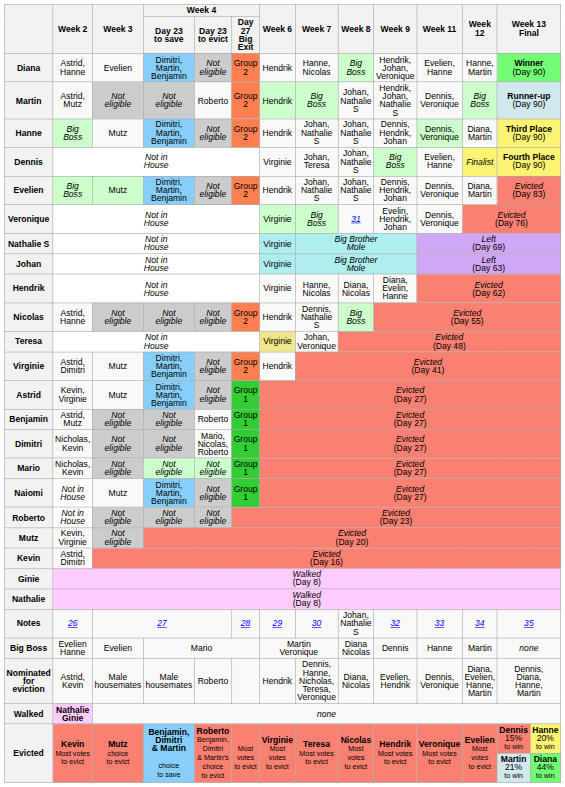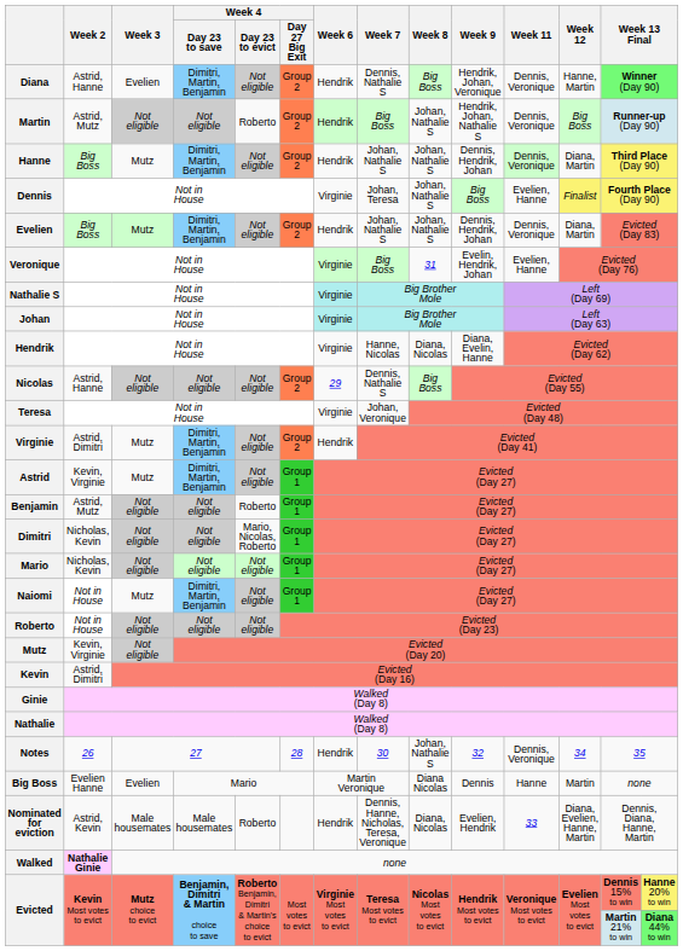 <table class="wikitable" style="text-align:center; width: 100%; font-size:85%; line-height:13px">
 <tr>
 <th style="width:5%" rowspan=2></th>
 <th style="width:5%" rowspan=2>Week 2</th>
 <th style="width:5%" rowspan=2>Week 3</th>
 <th style="width:15%" colspan=3>Week 4</th>
 <th style="width:5%" rowspan=2>Week 6</th>
 <th style="width:5%" rowspan=2>Week 7</th>
 <th style="width:5%" rowspan=2>Week 8</th>
 <th style="width:5%" rowspan=2>Week 9</th>
 <th style="width:5%" rowspan=2>Week 11</th>
 <th style="width:5%" rowspan=2>Week 12</th>
 <th style="width:10%" rowspan=2 colspan=2>Week 13<br>Final</th>
 </tr>
 <tr>
 <th style="width:5%">Day 23<br>to save</th>
 <th style="width:5%">Day 23<br>to evict</th>
 <th style="width:5%">Day 27<br>Big Exit</th>
 </tr>
 <tr>
 <th>Diana</th>
 <td>Astrid,<br>Hanne</td>
 <td>Evelien</td>
 <td style="background:#87CEFA;">Dimitri,<br>Martin,<br>Benjamin</td>
 <td style="background:#CCCCCC"><em>Not<br>eligible</em></td>
 <td style="background:#FF7F50">Group 2</td>
 <td>Hendrik</td>
-<td>Hanne,<br>Nicolas</td>
+<td>Dennis,<br>Nathalie S</td>
 <td style="background:#CCFFCC"><em>Big<br>Boss</em></td>
 <td>Hendrik,<br>Johan,<br>Veronique</td>
-<td>Evelien,<br>Hanne</td>
+<td>Dennis,<br>Veronique</td>
 <td>Hanne,<br>Martin</td>
 <td style="background:#73FB76" colspan="2"><strong>Winner</strong><br>(Day 90)</td>
 </tr>
 <tr>
 <th>Martin</th>
 <td>Astrid,<br>Mutz</td>
 <td style="background:#CCCCCC"><em>Not<br>eligible</em></td>
 <td style="background:#CCCCCC"><em>Not<br>eligible</em></td>
 <td>Roberto</td>
 <td style="background:#FF7F50">Group 2</td>
 <td style="background:#CCFFCC">Hendrik</td>
 <td style="background:#CCFFCC"><em>Big<br>Boss</em></td>
 <td>Johan,<br>Nathalie S</td>
 <td>Hendrik,<br>Johan,<br>Nathalie S</td>
 <td>Dennis,<br>Veronique</td>
 <td style="background:#CCFFCC"><em>Big<br>Boss</em></td>
 <td style="background:#D1E8EF" colspan="2"><strong>Runner-up</strong><br>(Day 90)</td>
 </tr>
 <tr>
 <th>Hanne</th>
 <td style="background:#CCFFCC"><em>Big<br>Boss</em></td>
 <td>Mutz</td>
 <td style="background:#87CEFA;">Dimitri,<br>Martin,<br>Benjamin</td>
 <td style="background:#CCCCCC"><em>Not<br>eligible</em></td>
 <td style="background:#FF7F50">Group 2</td>
 <td>Hendrik</td>
 <td>Johan,<br>Nathalie S</td>
 <td>Johan,<br>Nathalie S</td>
 <td>Dennis,<br>Hendrik,<br>Johan</td>
 <td style="background:#CCFFCC">Dennis,<br>Veronique</td>
 <td>Diana,<br>Martin</td>
 <td style="background:#FBF373" colspan="2"><strong>Third Place</strong><br>(Day 90)</td>
 </tr>
 <tr>
 <th>Dennis</th>
 <td colspan=5 style="background:white"><em>Not in<br>House</em></td>
 <td>Virginie</td>
 <td>Johan,<br>Teresa</td>
 <td>Johan,<br>Nathalie S</td>
 <td style="background:#CCFFCC"><em>Big<br>Boss</em></td>
 <td>Evelien,<br>Hanne</td>
 <td style="background:#FBF373"><em>Finalist</em></td>
 <td style="background:#FBF373" colspan="2"><strong>Fourth Place</strong><br>(Day 90)</td>
 </tr>
 <tr>
 <th>Evelien</th>
 <td style="background:#CCFFCC"><em>Big<br>Boss</em></td>
 <td style="background:#CCFFCC">Mutz</td>
 <td style="background:#87CEFA;">Dimitri,<br>Martin,<br>Benjamin</td>
 <td style="background:#CCCCCC"><em>Not<br>eligible</em></td>
 <td style="background:#FF7F50">Group 2</td>
 <td>Hendrik</td>
 <td>Johan,<br>Nathalie S</td>
 <td>Johan,<br>Nathalie S</td>
 <td>Dennis,<br>Hendrik,<br>Johan</td>
 <td>Dennis,<br>Veronique</td>
 <td>Diana,<br>Martin</td>
 <td style="background:#FA8072" colspan=2><em>Evicted</em><br>(Day 83)</td>
 </tr>
 <tr>
 <th>Veronique</th>
 <td colspan=5 style="background:white"><em>Not in<br>House</em></td>
 <td style="background:#CCFFCC">Virginie</td>
 <td style="background:#CCFFCC"><em>Big<br>Boss</em></td>
 <td><em><a href='#'>31</a></em></td>
 <td>Evelin,<br>Hendrik,<br>Johan</td>
-<td>Dennis,<br>Veronique</td>
+<td>Evelien,<br>Hanne</td>
 <td style="background:#FA8072" colspan=3><em>Evicted</em><br>(Day 76)</td>
 </tr>
 <tr>
 <th>Nathalie S</th>
 <td colspan=5 style="background:white"><em>Not in<br>House</em></td>
 <td style="background:#AFEEEE">Virginie</td>
 <td style="background:#AFEEEE" colspan=3><em>Big Brother<br>Mole</em></td>
 <td style="background:#D0A7F4" colspan=4><em>Left</em><br>(Day 69)</td>
 </tr>
 <tr>
 <th>Johan</th>
 <td colspan=5 style="background:white"><em>Not in<br>House</em></td>
 <td style="background:#AFEEEE">Virginie</td>
 <td style="background:#AFEEEE" colspan=3><em>Big Brother<br>Mole</em></td>
 <td style="background:#D0A7F4" colspan=4><em>Left</em><br>(Day 63)</td>
 </tr>
 <tr>
 <th>Hendrik</th>
 <td colspan=5 style="background:white"><em>Not in<br>House</em></td>
 <td>Virginie</td>
 <td>Hanne,<br>Nicolas</td>
 <td>Diana,<br>Nicolas</td>
 <td>Diana,<br>Evelin,<br>Hanne</td>
 <td style="background:#FA8072" colspan=4><em>Evicted</em><br>(Day 62)</td>
 </tr>
 <tr>
 <th>Nicolas</th>
 <td>Astrid,<br>Hanne</td>
 <td style="background:#CCCCCC"><em>Not<br>eligible</em></td>
 <td style="background:#CCCCCC"><em>Not<br>eligible</em></td>
 <td style="background:#CCCCCC"><em>Not<br>eligible</em></td>
 <td style="background:#FF7F50">Group 2</td>
-<td>Hendrik</td>
+<td><em><a href='#'>29</a></em></td>
 <td>Dennis,<br>Nathalie S</td>
 <td style="background:#CCFFCC"><em>Big<br>Boss</em></td>
 <td style="background:#FA8072" colspan=5><em>Evicted</em><br>(Day 55)</td>
 </tr>
 <tr>
 <th>Teresa</th>
 <td colspan=5 style="background:white"><em>Not in<br>House</em></td>
-<td style="background: khaki;">Virginie</td>
+<td>Virginie</td>
 <td>Johan,<br>Veronique</td>
 <td style="background:#FA8072" colspan=6><em>Evicted</em><br>(Day 48)</td>
 </tr>
 <tr>
 <th>Virginie</th>
 <td>Astrid,<br>Dimitri</td>
 <td>Mutz</td>
 <td style="background:#87CEFA;">Dimitri,<br>Martin,<br>Benjamin</td>
 <td style="background:#CCCCCC"><em>Not<br>eligible</em></td>
 <td style="background:#FF7F50">Group 2</td>
 <td>Hendrik</td>
 <td style="background:#FA8072" colspan=7><em>Evicted</em><br>(Day 41)</td>
 </tr>
 <tr>
 <th>Astrid</th>
 <td>Kevin,<br>Virginie</td>
 <td>Mutz</td>
 <td style="background:#87CEFA;">Dimitri,<br>Martin,<br>Benjamin</td>
 <td style="background:#CCCCCC"><em>Not<br>eligible</em></td>
 <td style="background:limegreen">Group 1</td>
 <td style="background:#FA8072" colspan=8><em>Evicted</em><br>(Day 27)</td>
 </tr>
 <tr>
 <th>Benjamin</th>
 <td>Astrid,<br>Mutz</td>
 <td style="background:#CCCCCC"><em>Not<br>eligible</em></td>
 <td style="background:#CCCCCC"><em>Not<br>eligible</em></td>
 <td>Roberto</td>
 <td style="background:limegreen">Group 1</td>
 <td style="background:#FA8072" colspan=8><em>Evicted</em><br>(Day 27)</td>
 </tr>
 <tr>
 <th>Dimitri</th>
 <td>Nicholas,<br>Kevin</td>
 <td style="background:#CCCCCC"><em>Not<br>eligible</em></td>
 <td style="background:#CCCCCC"><em>Not<br>eligible</em></td>
 <td>Mario,<br>Nicolas,<br>Roberto</td>
 <td style="background:limegreen">Group 1</td>
 <td style="background:#FA8072" colspan=8><em>Evicted</em><br>(Day 27)</td>
 </tr>
 <tr>
 <th>Mario</th>
 <td>Nicholas,<br>Kevin</td>
 <td style="background:#CCCCCC"><em>Not<br>eligible</em></td>
 <td style="background:#CCFFCC"><em>Not<br>eligible</em></td>
 <td style="background:#CCFFCC"><em>Not<br>eligible</em></td>
 <td style="background:limegreen">Group 1</td>
 <td style="background:#FA8072" colspan=8><em>Evicted</em><br>(Day 27)</td>
 </tr>
 <tr>
 <th>Naiomi</th>
 <td style="background:white"><em>Not in<br>House</em></td>
 <td>Mutz</td>
 <td style="background:#87CEFA;">Dimitri,<br>Martin,<br>Benjamin</td>
 <td style="background:#CCCCCC"><em>Not<br>eligible</em></td>
 <td style="background:limegreen">Group 1</td>
 <td style="background:#FA8072" colspan=8><em>Evicted</em><br>(Day 27)</td>
 </tr>
 <tr>
 <th>Roberto</th>
 <td style="background:white"><em>Not in<br>House</em></td>
 <td style="background:#CCCCCC"><em>Not<br>eligible</em></td>
 <td style="background:#CCCCCC"><em>Not<br>eligible</em></td>
 <td style="background:#CCCCCC"><em>Not<br>eligible</em></td>
 <td style="background:#FA8072" colspan=9><em>Evicted</em><br>(Day 23)</td>
 </tr>
 <tr>
 <th>Mutz</th>
 <td>Kevin,<br>Virginie</td>
 <td style="background:#CCCCCC"><em>Not<br>eligible</em></td>
 <td style="background:#FA8072" colspan=11><em>Evicted</em><br>(Day 20)</td>
 </tr>
 <tr>
 <th>Kevin</th>
 <td>Astrid,<br>Dimitri</td>
 <td style="background:#FA8072" colspan=12><em>Evicted</em><br>(Day 16)</td>
 </tr>
 <tr>
 <th>Ginie</th>
 <td style="background:#ffccff" colspan=13><em>Walked</em><br>(Day 8)</td>
 </tr>
 <tr>
 <th>Nathalie</th>
 <td style="background:#ffccff" colspan=13><em>Walked</em><br>(Day 8)</td>
 </tr>
 <tr>
 <th>Notes</th>
 <td><em><a href='#'>26</a></em></td>
 <td colspan=3><em><a href='#'>27</a></em></td>
 <td><em><a href='#'>28</a></em></td>
-<td><em><a href='#'>29</a></em></td>
+<td>Hendrik</td>
 <td><em><a href='#'>30</a></em></td>
 <td>Johan,<br>Nathalie S</td>
 <td><em><a href='#'>32</a></em></td>
-<td><em><a href='#'>33</a></em></td>
+<td>Dennis,<br>Veronique</td>
 <td><em><a href='#'>34</a></em></td>
 <td colspan=2><em><a href='#'>35</a></em></td>
 </tr>
 <tr>
 <th>Big Boss</th>
 <td>Evelien<br>Hanne</td>
 <td>Evelien</td>
 <td colspan=3>Mario</td>
 <td colspan=2>Martin<br>Veronique</td>
 <td>Diana<br>Nicolas</td>
 <td>Dennis</td>
 <td>Hanne</td>
 <td>Martin</td>
 <td colspan=2><em>none</em></td>
 </tr>
 <tr>
 <th>Nominated<br>for eviction</th>
 <td>Astrid,<br>Kevin</td>
 <td>Male housemates</td>
 <td>Male housemates</td>
 <td>Roberto</td>
 <td><br>    </td>
 <td>Hendrik</td>
 <td>Dennis,<br>Hanne,<br>Nicholas,<br>Teresa,<br>Veronique</td>
 <td>Diana,<br>Nicolas</td>
 <td>Evelien,<br>Hendrik</td>
-<td>Dennis,<br>Veronique</td>
+<td><em><a href='#'>33</a></em></td>
 <td>Diana,<br>Evelien,<br>Hanne,<br>Martin</td>
 <td colspan=2>Dennis,<br>Diana,<br>Hanne,<br>Martin</td>
 </tr>
 <tr>
 <th>Walked</th>
 <td style="background:#FFCCFF"><strong>Nathalie<br>Ginie</strong></td>
 <td colspan=12><em>none</em></td>
 </tr>
 <tr>
 <th rowspan=2>Evicted</th>
 <td style="background:#FA8072" rowspan=2><strong>Kevin</strong><br><small>Most votes<br>to evict</small></td>
 <td style="background:#FA8072" rowspan=2><strong>Mutz</strong><br><small> choice<br>to evict</small></td>
 <td style="background:#87CEFA" rowspan=2><strong>Benjamin,<br>Dimitri<br>& Martin</strong><br><small><br>choice<br>to save</small></td>
 <td style="background:#FA8072" rowspan=2><strong>Roberto</strong><br><small>Benjamin,<br>Dimitri<br>& Martin's choice<br>to evict</small></td>
 <td style="background:#FA8072" rowspan=2><br> <small>Most votes<br>to evict</small></td>
 <td style="background:#FA8072" rowspan=2><strong>Virginie</strong><br><small>Most votes<br>to evict</small></td>
 <td style="background:#FA8072" rowspan=2><strong>Teresa</strong><br><small>Most votes<br>to evict</small></td>
 <td style="background:#FA8072" rowspan=2><strong>Nicolas</strong><br><small>Most votes<br>to evict</small></td>
 <td style="background:#FA8072" rowspan=2><strong>Hendrik</strong><br><small>Most votes<br>to evict</small></td>
 <td style="background:#FA8072" rowspan=2><strong>Veronique</strong><br><small>Most votes<br>to evict</small></td>
 <td style="background:#FA8072" rowspan=2><strong>Evelien</strong><br><small>Most votes<br>to evict</small></td>
 <td style="background:#FA8072"><strong>Dennis</strong><br>15%<br><small>to win</small></td>
 <td style="background:#FBF373"><strong>Hanne</strong><br>20%<br><small>to win</small></td>
 </tr>
 <tr>
 <td style="background:#D1E8EF"><strong>Martin</strong><br>21%<br><small>to win</small></td>
 <td style="background:#73FB76"><strong>Diana</strong><br>44%<br><small>to win</small></td>
 </tr>
 </table>
